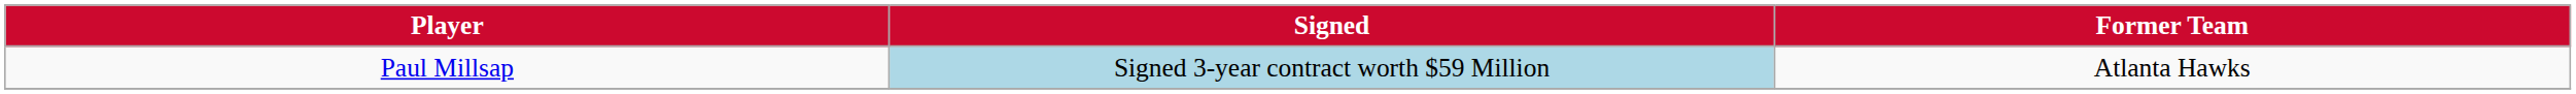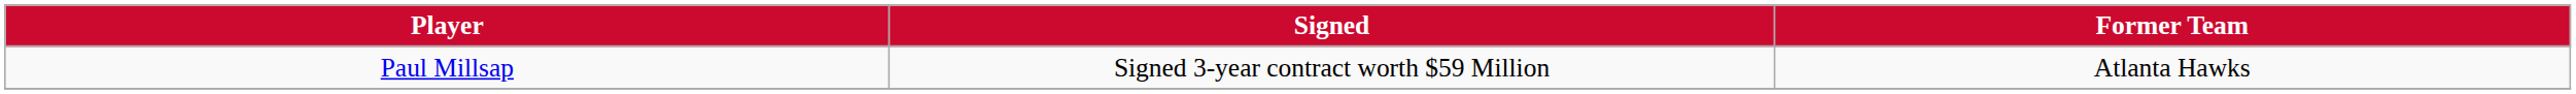 <table class="wikitable sortable sortable" style="text-align: center;">
 <tr>
 <th style="background:#cc092f; color:white" width="10%">Player</th>
 <th style="background:#cc092f; color:white" width="10%">Signed</th>
 <th style="background:#cc092f; color:white" width="9%">Former Team</th>
 </tr>
 <tr>
 <td><a href='#'>Paul Millsap</a></td>
-<td style="background: lightblue;">Signed 3-year contract worth $59 Million</td>
+<td>Signed 3-year contract worth $59 Million</td>
 <td>Atlanta Hawks</td>
 </tr>
 <tr>
 </tr>
 </table>
